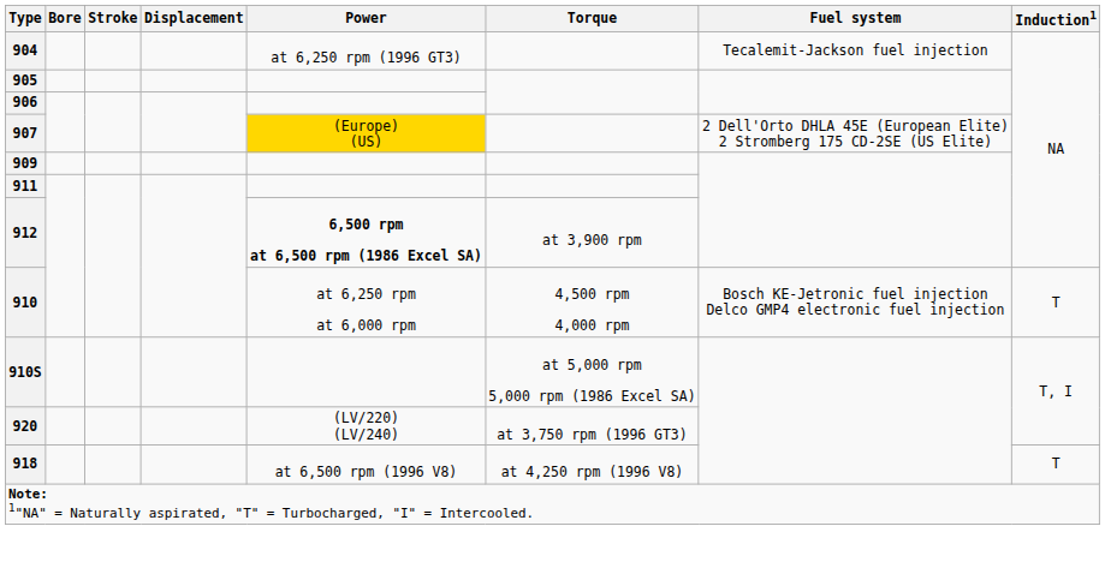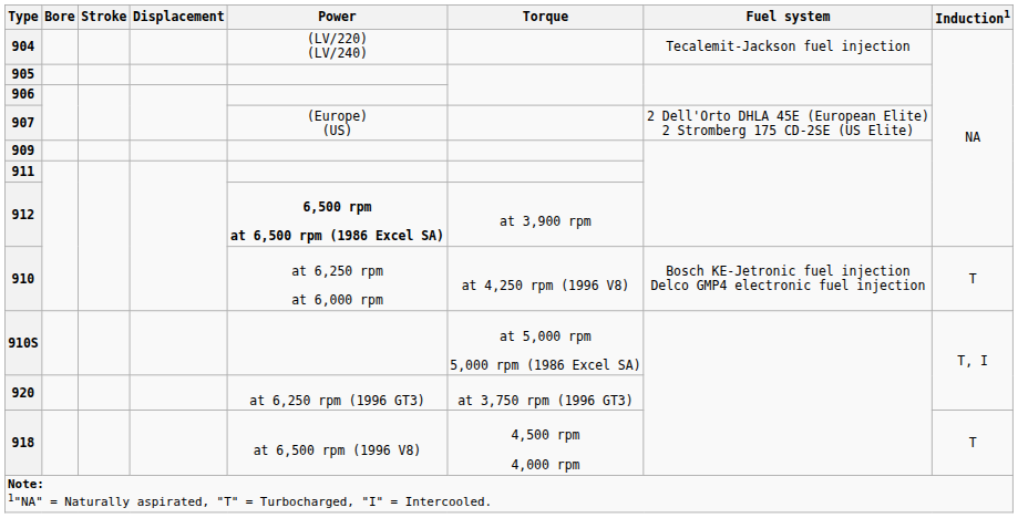 <table class="wikitable"  style="align:center; text-align:center">
 <tr>
 <th>Type</th>
 <th>Bore</th>
 <th>Stroke</th>
 <th>Displacement</th>
 <th>Power</th>
 <th>Torque</th>
 <th>Fuel system</th>
 <th>Induction<sup>1</sup></th>
 </tr>
 <tr>
 <th>904</th>
 <td></td>
 <td></td>
 <td></td>
-<td><br>at 6,250 rpm (1996 GT3)</td>
+<td> (LV/220)<br> (LV/240)</td>
 <td></td>
 <td>Tecalemit-Jackson fuel injection</td>
 <td rowspan=7>NA</td>
 </tr>
 <tr>
 <th>905</th>
 <td></td>
 <td></td>
 <td></td>
 <td></td>
 <td rowspan=2></td>
 <td rowspan=2></td>
 </tr>
 <tr>
 <th>906</th>
 <td rowspan=2></td>
 <td rowspan=2></td>
 <td rowspan=2></td>
 <td></td>
 </tr>
 <tr>
 <th>907</th>
-<td style="background: gold;"> (Europe)<br> (US)</td>
+<td> (Europe)<br> (US)</td>
 <td></td>
 <td>2 Dell'Orto DHLA 45E (European Elite)<br>2 Stromberg 175 CD-2SE (US Elite)</td>
 </tr>
 <tr>
 <th>909</th>
 <td></td>
 <td></td>
 <td></td>
 <td></td>
 <td></td>
 <td rowspan=3></td>
 </tr>
 <tr>
 <th>911</th>
 <td rowspan=3></td>
 <td rowspan=3></td>
 <td rowspan=3></td>
 <td></td>
 <td></td>
 </tr>
 <tr>
 <th>912</th>
 <td><strong><br> 6,500 rpm<br><br>at 6,500 rpm (1986 Excel SA)</strong></td>
 <td><br>at 3,900 rpm</td>
 </tr>
 <tr>
 <th>910</th>
 <td><br>at 6,250 rpm<br><br>at 6,000 rpm</td>
-<td><br> 4,500 rpm<br><br> 4,000 rpm</td>
+<td><br>at 4,250 rpm (1996 V8)</td>
 <td>Bosch KE-Jetronic fuel injection<br>Delco GMP4 electronic fuel injection</td>
 <td>T</td>
 </tr>
 <tr>
 <th>910S</th>
 <td></td>
 <td></td>
 <td></td>
 <td><br></td>
 <td><br>at 5,000 rpm<br><br> 5,000 rpm (1986 Excel SA)</td>
 <td rowspan=3></td>
 <td rowspan=2>T, I</td>
 </tr>
 <tr>
 <th>920</th>
 <td></td>
 <td></td>
 <td></td>
-<td> (LV/220)<br> (LV/240)</td>
+<td><br>at 6,250 rpm (1996 GT3)</td>
 <td><br>at 3,750 rpm (1996 GT3)</td>
 </tr>
 <tr>
 <th>918</th>
 <td></td>
 <td></td>
 <td></td>
 <td><br>at 6,500 rpm (1996 V8)</td>
-<td><br>at 4,250 rpm (1996 V8)</td>
+<td><br> 4,500 rpm<br><br> 4,000 rpm</td>
 <td>T</td>
 </tr>
 <tr>
 <td style="text-align:left; font-size:95%;" colspan="8"><strong>Note:</strong><br><sup>1</sup>"NA" = Naturally aspirated, "T" = Turbocharged, "I" = Intercooled.</td>
 </tr>
 </table>
